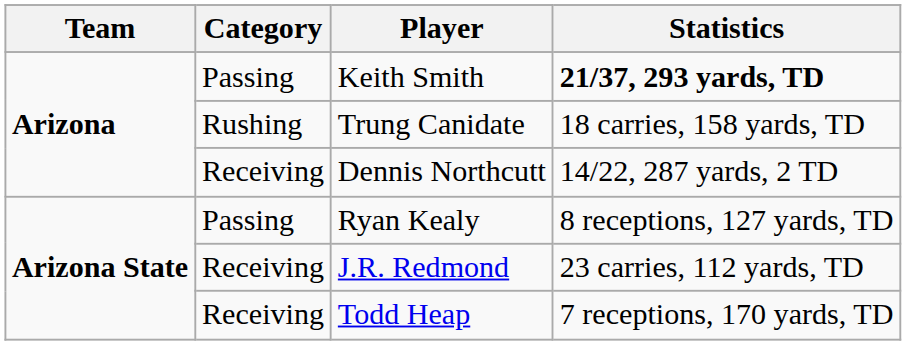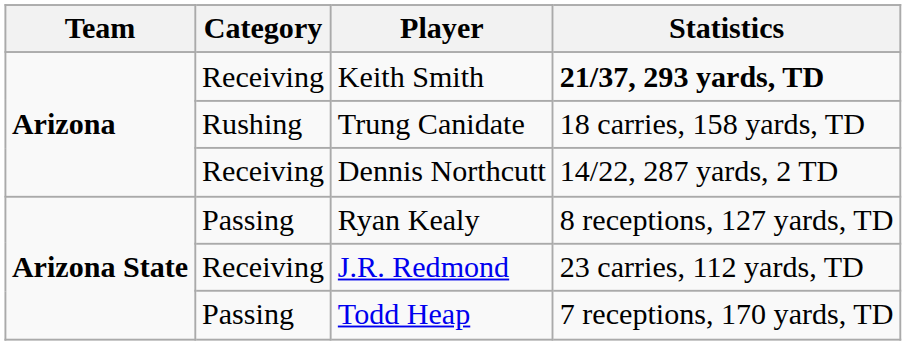 <table class="wikitable" style="float: right;">
 <tr>
 <th>Team</th>
 <th>Category</th>
 <th>Player</th>
 <th>Statistics</th>
 </tr>
 <tr>
 <td rowspan=3><strong>Arizona</strong></td>
-<td>Passing</td>
+<td>Receiving</td>
 <td>Keith Smith</td>
 <td><strong>21/37, 293 yards, TD</strong></td>
 </tr>
 <tr>
 <td>Rushing</td>
 <td>Trung Canidate</td>
 <td>18 carries, 158 yards, TD</td>
 </tr>
 <tr>
 <td>Receiving</td>
 <td>Dennis Northcutt</td>
 <td>14/22, 287 yards, 2 TD</td>
 </tr>
 <tr>
 <td rowspan=3><strong>Arizona State</strong></td>
 <td>Passing</td>
 <td>Ryan Kealy</td>
 <td>8 receptions, 127 yards, TD</td>
 </tr>
 <tr>
 <td>Receiving</td>
 <td><a href='#'>J.R. Redmond</a></td>
 <td>23 carries, 112 yards, TD</td>
 </tr>
 <tr>
-<td>Receiving</td>
+<td>Passing</td>
 <td><a href='#'>Todd Heap</a></td>
 <td>7 receptions, 170 yards, TD</td>
 </tr>
 </table>
